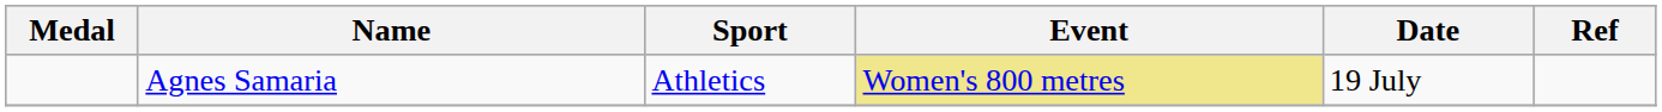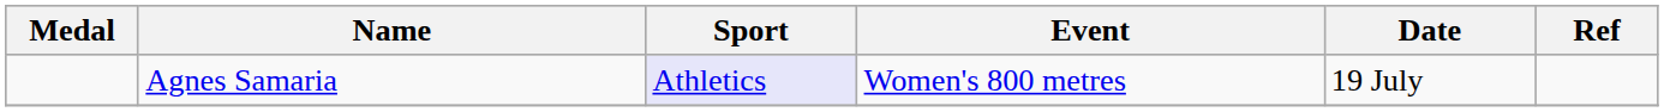 <table class="wikitable sortable" style="font-size:100%">
 <tr>
 <th width="60">Medal</th>
 <th width="250">Name</th>
 <th width="100">Sport</th>
 <th width="230">Event</th>
 <th width="100">Date</th>
 <th width="55">Ref</th>
 </tr>
 <tr>
 <td></td>
 <td><a href='#'>Agnes Samaria</a></td>
-<td><a href='#'>Athletics</a></td>
-<td style="background: khaki;"><a href='#'>Women's 800 metres</a></td>
+<td style="background: lavender;"><a href='#'>Athletics</a></td>
+<td><a href='#'>Women's 800 metres</a></td>
 <td>19 July</td>
 <td></td>
 </tr>
 <tr>
 </tr>
 </table>
